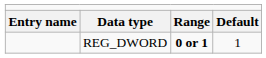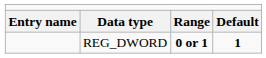 <table class="wikitable" style="margin:1.5em 1em 1.5em 2em; text-align:center">
 <tr>
 <td colspan="4"></td>
 </tr>
 <tr>
 <th>Entry name</th>
 <th>Data type</th>
 <th>Range</th>
 <th>Default</th>
 </tr>
 <tr>
 <td></td>
 <td>REG_DWORD</td>
 <td><strong>0 or 1</strong></td>
-<td>1</td>
+<td><strong>1</strong></td>
 </tr>
 </table>
